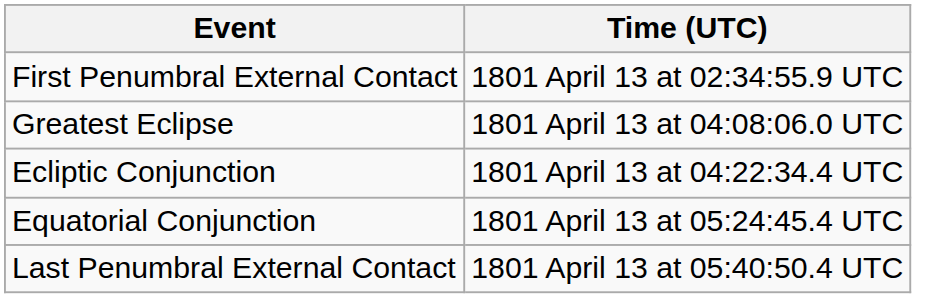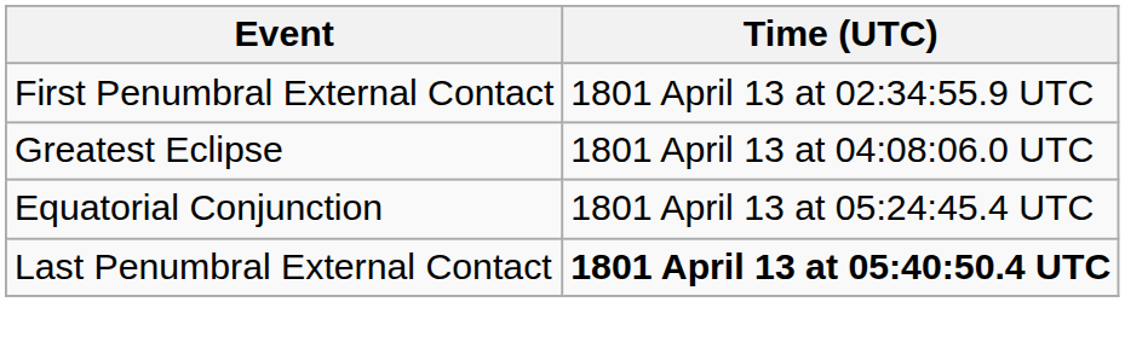 <table class="wikitable">
 <tr>
 <th>Event</th>
 <th>Time (UTC)</th>
 </tr>
 <tr>
 <td>First Penumbral External Contact</td>
 <td>1801 April 13 at 02:34:55.9 UTC</td>
 </tr>
 <tr>
 <td>Greatest Eclipse</td>
 <td>1801 April 13 at 04:08:06.0 UTC</td>
 </tr>
 <tr>
-<td>Ecliptic Conjunction</td>
-<td>1801 April 13 at 04:22:34.4 UTC</td>
-</tr>
-<tr>
 <td>Equatorial Conjunction</td>
 <td>1801 April 13 at 05:24:45.4 UTC</td>
 </tr>
 <tr>
 <td>Last Penumbral External Contact</td>
-<td>1801 April 13 at 05:40:50.4 UTC</td>
+<td><strong>1801 April 13 at 05:40:50.4 UTC</strong></td>
 </tr>
 </table>
